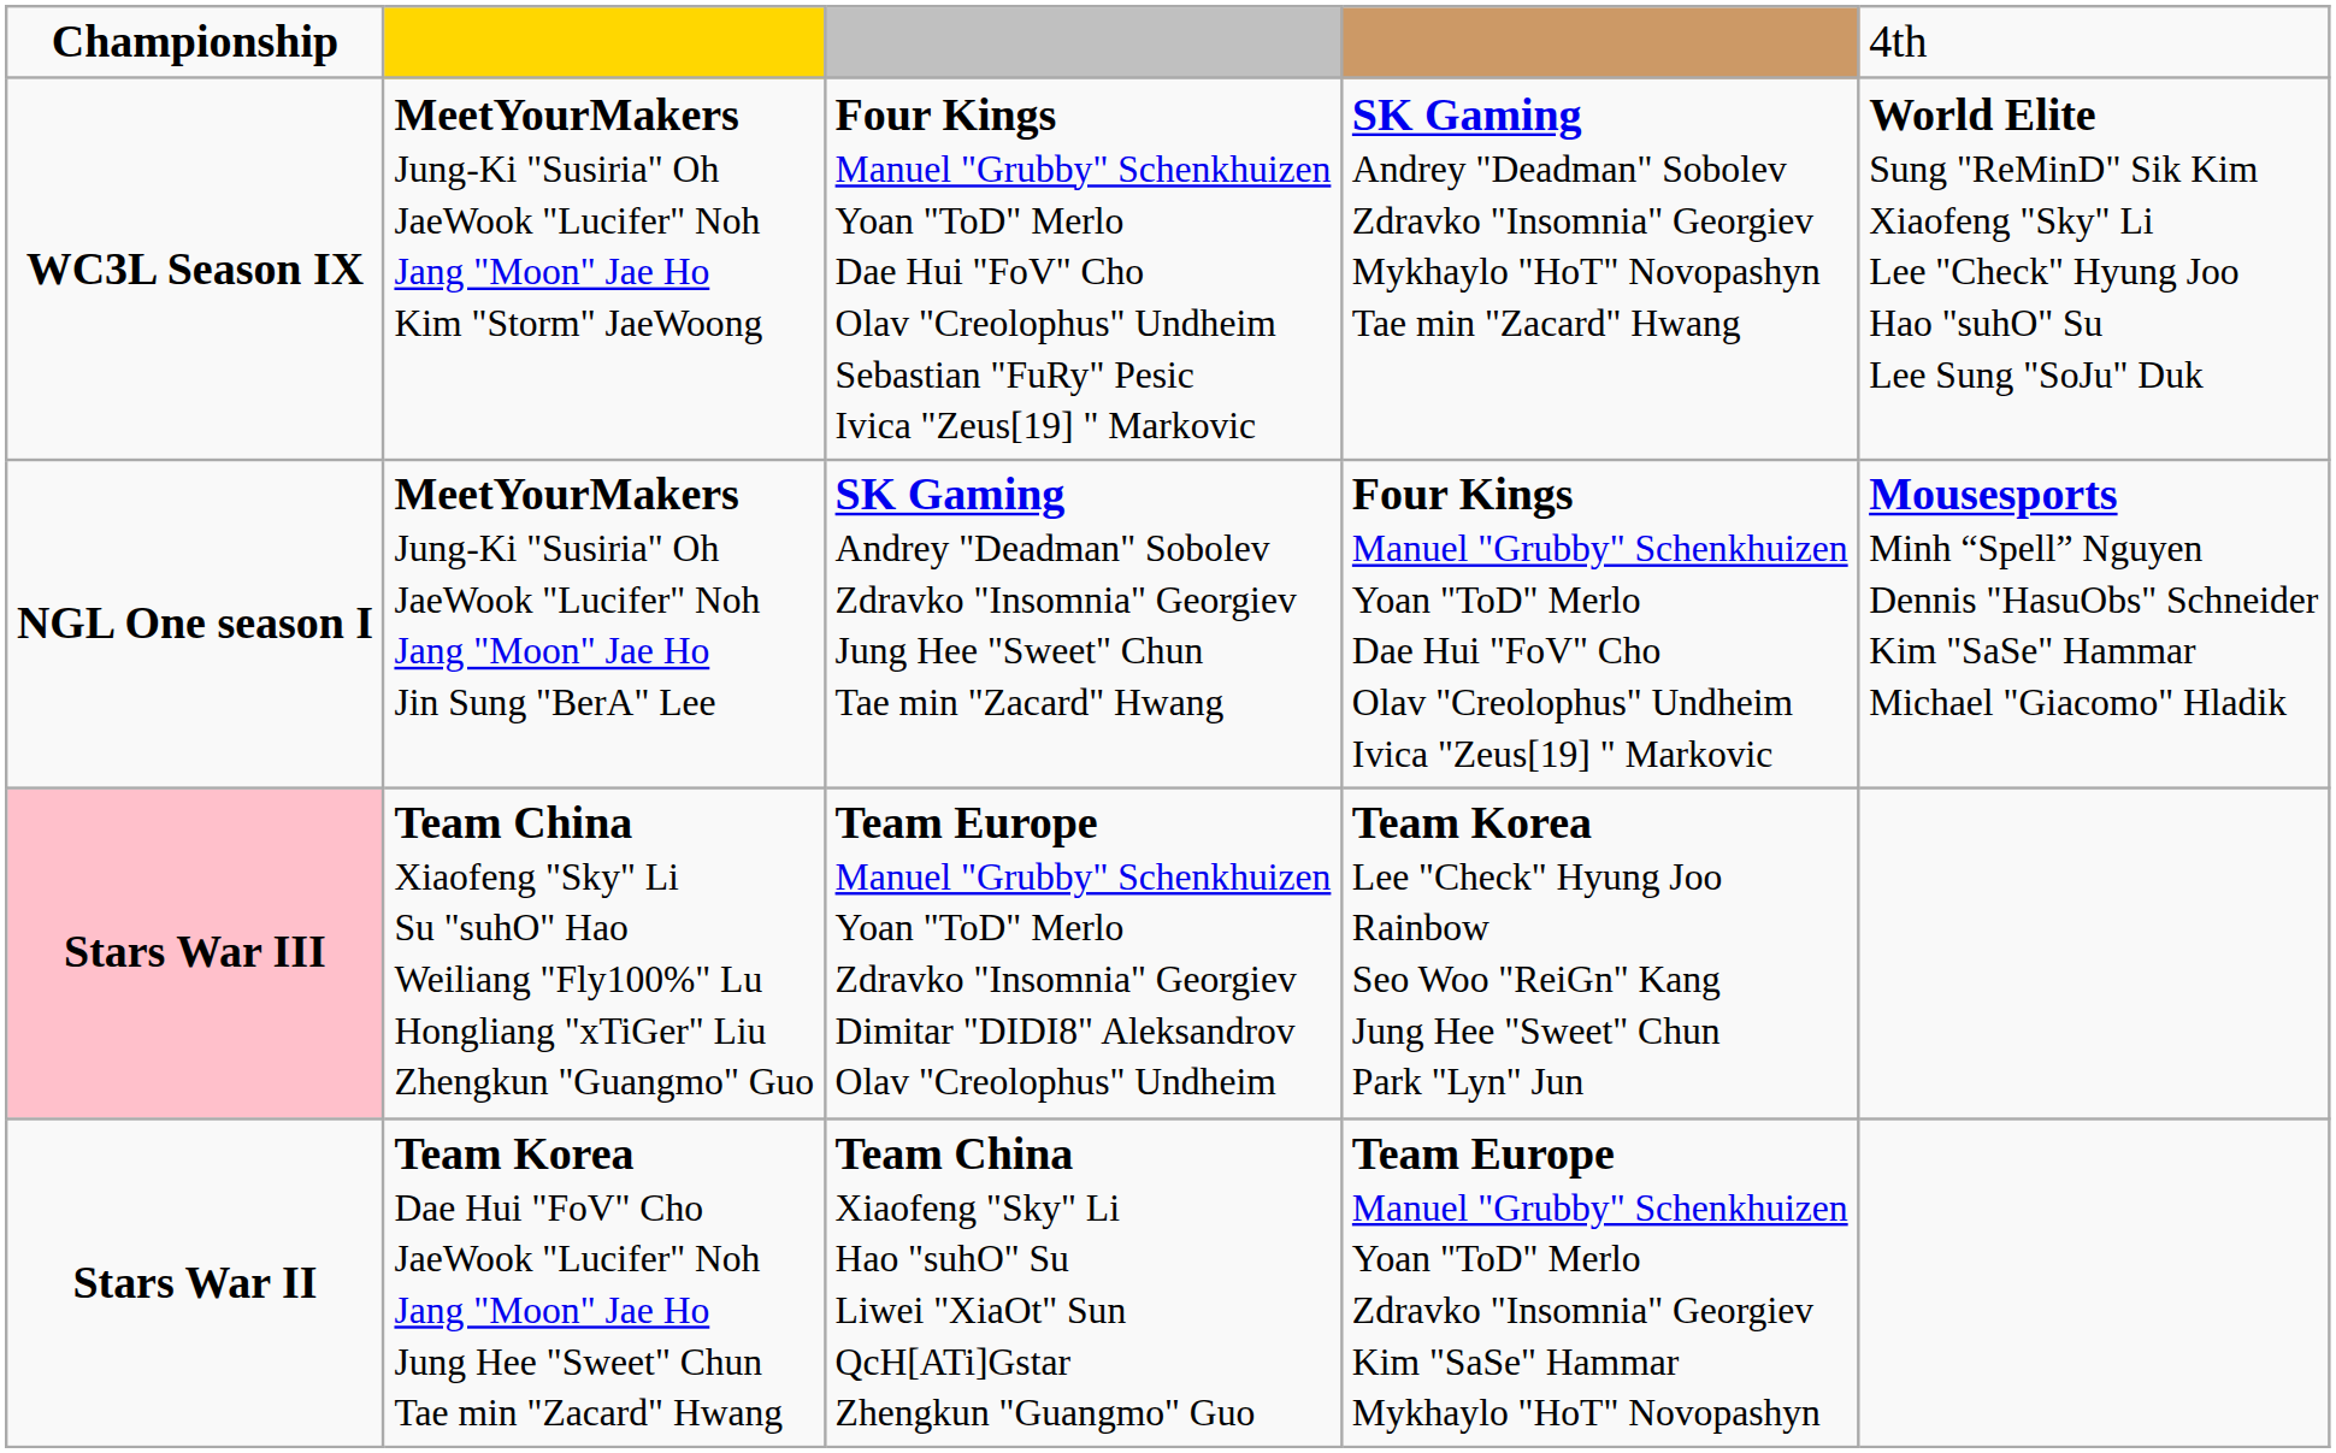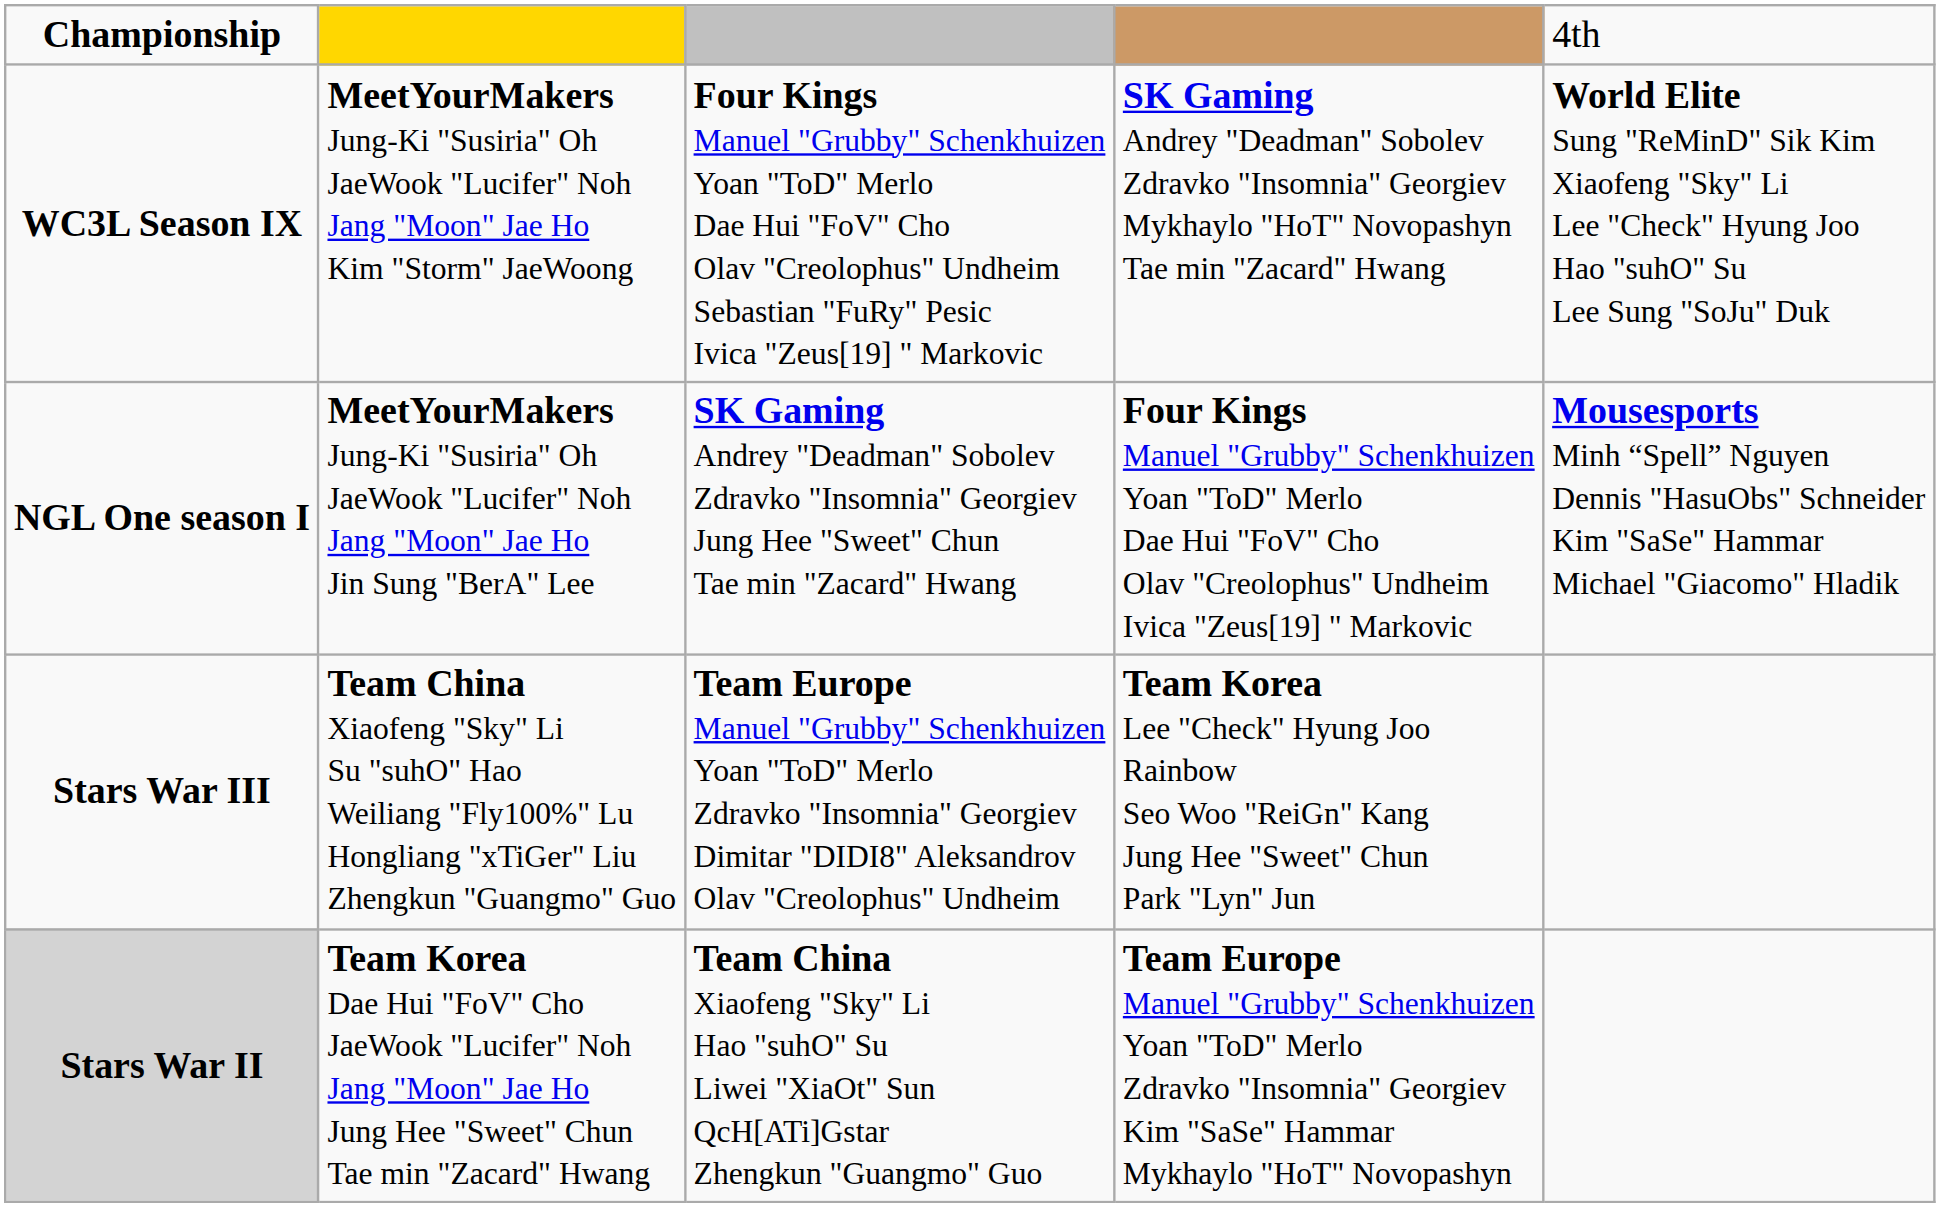 <table class="wikitable" style="text-align:left">
 <tr>
 <td style="text-align:center"><strong>Championship</strong></td>
 <td style="text-align:center" bgcolor="gold"></td>
 <td style="text-align:center" bgcolor="silver"></td>
 <td style="text-align:center" bgcolor="CC9966"></td>
 <td>4th</td>
 </tr>
 <tr>
 <td style="text-align:center"><strong>WC3L Season IX</strong></td>
 <td style="vertical-align:top"> <strong>MeetYourMakers</strong><br><small> Jung-Ki "Susiria" Oh<br> JaeWook "Lucifer" Noh<br> <a href='#'>Jang "Moon" Jae Ho</a><br> Kim "Storm" JaeWoong<br></small></td>
 <td style="vertical-align:top"> <strong>Four Kings</strong><br><small> <a href='#'>Manuel "Grubby" Schenkhuizen</a><br> Yoan "ToD" Merlo<br> Dae Hui "FoV" Cho<br> Olav "Creolophus" Undheim<br> Sebastian "FuRy" Pesic<br> Ivica "Zeus[19] " Markovic</small></td>
 <td style="vertical-align:top"> <strong><a href='#'>SK Gaming</a></strong><br><small> Andrey "Deadman" Sobolev<br> Zdravko "Insomnia" Georgiev<br> Mykhaylo "HoT" Novopashyn<br> Tae min "Zacard" Hwang<br></small></td>
 <td style="vertical-align:top"> <strong>World Elite</strong><br><small> Sung "ReMinD" Sik Kim<br> Xiaofeng "Sky" Li<br> Lee "Check" Hyung Joo<br> Hao "suhO" Su<br> Lee Sung "SoJu" Duk</small></td>
 </tr>
 <tr>
 <td style="text-align:center"><strong>NGL One season I</strong></td>
 <td style="vertical-align:top"> <strong>MeetYourMakers</strong><br><small> Jung-Ki "Susiria" Oh<br> JaeWook "Lucifer" Noh<br> <a href='#'>Jang "Moon" Jae Ho</a><br> Jin Sung "BerA" Lee<br></small></td>
 <td style="vertical-align:top"> <strong><a href='#'>SK Gaming</a></strong><br><small> Andrey "Deadman" Sobolev<br> Zdravko "Insomnia" Georgiev<br> Jung Hee "Sweet" Chun<br> Tae min "Zacard" Hwang<br></small></td>
 <td style="vertical-align:top"> <strong>Four Kings</strong><br><small> <a href='#'>Manuel "Grubby" Schenkhuizen</a><br> Yoan "ToD" Merlo<br> Dae Hui "FoV" Cho<br> Olav "Creolophus" Undheim<br> Ivica "Zeus[19] " Markovic</small></td>
 <td style="vertical-align:top"> <strong><a href='#'>Mousesports</a></strong><br><small> Minh “Spell” Nguyen<br> Dennis "HasuObs" Schneider<br> Kim "SaSe" Hammar<br> Michael "Giacomo" Hladik<br></small></td>
 </tr>
 <tr>
-<td style="background: pink; text-align:center"><strong>Stars War III</strong></td>
+<td style="text-align:center"><strong>Stars War III</strong></td>
 <td style="vertical-align:top"> <strong>Team China</strong><br><small> Xiaofeng "Sky" Li<br> Su "suhO" Hao<br> Weiliang "Fly100%" Lu<br> Hongliang "xTiGer" Liu<br> Zhengkun "Guangmo" Guo<br></small></td>
 <td style="vertical-align:top"> <strong>Team Europe</strong><br><small> <a href='#'>Manuel "Grubby" Schenkhuizen</a><br> Yoan "ToD" Merlo<br> Zdravko "Insomnia" Georgiev<br> Dimitar "DIDI8" Aleksandrov<br> Olav "Creolophus" Undheim</small></td>
 <td style="vertical-align:top"> <strong>Team Korea</strong><br><small> Lee "Check" Hyung Joo<br> Rainbow<br> Seo Woo "ReiGn" Kang <br> Jung Hee "Sweet" Chun<br> Park "Lyn" Jun<br></small></td>
 <td></td>
 </tr>
 <tr>
-<td style="text-align:center"><strong>Stars War II</strong></td>
+<td style="background: lightgrey; text-align:center"><strong>Stars War II</strong></td>
 <td style="vertical-align:top"> <strong>Team Korea</strong><br><small> Dae Hui "FoV" Cho<br> JaeWook "Lucifer" Noh<br> <a href='#'>Jang "Moon" Jae Ho</a><br> Jung Hee "Sweet" Chun<br> Tae min "Zacard" Hwang<br></small></td>
 <td style="vertical-align:top"> <strong>Team China</strong><br><small> Xiaofeng "Sky" Li<br> Hao "suhO" Su<br> Liwei "XiaOt" Sun<br> QcH[ATi]Gstar<br> Zhengkun "Guangmo" Guo<br></small></td>
 <td style="vertical-align:top"> <strong>Team Europe</strong><br><small> <a href='#'>Manuel "Grubby" Schenkhuizen</a><br> Yoan "ToD" Merlo<br> Zdravko "Insomnia" Georgiev<br> Kim "SaSe" Hammar<br> Mykhaylo "HoT" Novopashyn</small></td>
 <td></td>
 </tr>
 </table>
